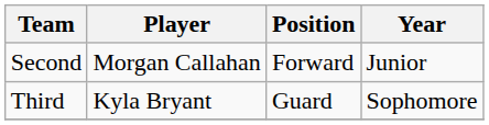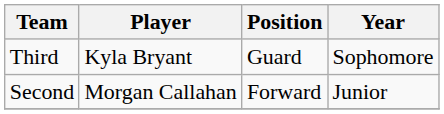 <table class="wikitable" border="1">
 <tr align=center>
 <th>Team</th>
 <th>Player</th>
 <th>Position</th>
 <th>Year</th>
 </tr>
 <tr>
+<td>Third</td>
+<td>Kyla Bryant</td>
+<td>Guard</td>
+<td>Sophomore</td>
+</tr>
+<tr>
 <td>Second</td>
 <td>Morgan Callahan</td>
 <td>Forward</td>
 <td> Junior</td>
 </tr>
 <tr>
-<td>Third</td>
-<td>Kyla Bryant</td>
-<td>Guard</td>
-<td>Sophomore</td>
-</tr>
-<tr>
 </tr>
 </table>
